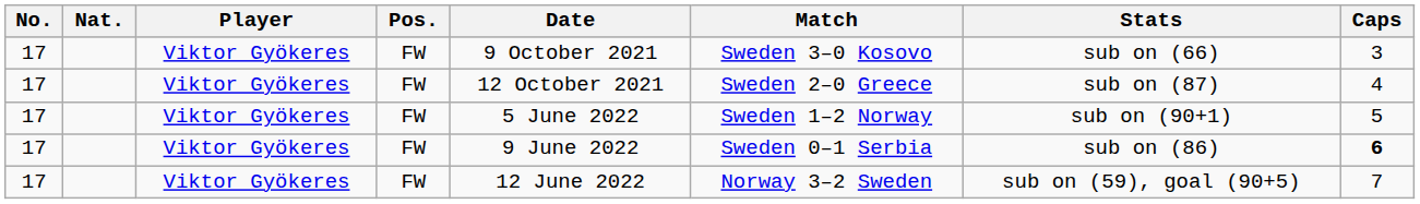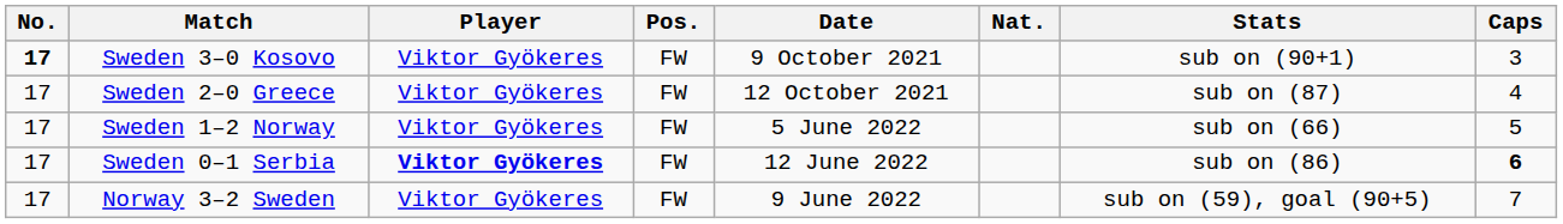 <table class="wikitable sortable alternance" style="font-size:100%; text-align:center; line-height:14px; width:70%;">
 <tr>
 <th>No.</th>
-<th>Nat.</th>
+<th>Match</th>
 <th>Player</th>
 <th>Pos.</th>
 <th>Date</th>
-<th>Match</th>
+<th>Nat.</th>
 <th>Stats</th>
 <th>Caps</th>
 </tr>
 <tr>
-<td>17</td>
-<td></td>
+<td><strong>17</strong></td>
+<td><a href='#'>Sweden</a> 3–0 <a href='#'>Kosovo</a></td>
 <td><a href='#'>Viktor Gyökeres</a></td>
 <td>FW</td>
 <td>9 October 2021</td>
-<td><a href='#'>Sweden</a> 3–0 <a href='#'>Kosovo</a></td>
-<td>sub on (66)</td>
+<td></td>
+<td>sub on (90+1)</td>
 <td>3</td>
 </tr>
 <tr>
 <td>17</td>
-<td></td>
+<td><a href='#'>Sweden</a> 2–0 <a href='#'>Greece</a></td>
 <td><a href='#'>Viktor Gyökeres</a></td>
 <td>FW</td>
 <td>12 October 2021</td>
-<td><a href='#'>Sweden</a> 2–0 <a href='#'>Greece</a></td>
+<td></td>
 <td>sub on (87)</td>
 <td>4</td>
 </tr>
 <tr>
 <td>17</td>
-<td></td>
+<td><a href='#'>Sweden</a> 1–2 <a href='#'>Norway</a></td>
 <td><a href='#'>Viktor Gyökeres</a></td>
 <td>FW</td>
 <td>5 June 2022</td>
-<td><a href='#'>Sweden</a> 1–2 <a href='#'>Norway</a></td>
-<td>sub on (90+1)</td>
+<td></td>
+<td>sub on (66)</td>
 <td>5</td>
 </tr>
 <tr>
 <td>17</td>
+<td><a href='#'>Sweden</a> 0–1 <a href='#'>Serbia</a></td>
+<td><strong><a href='#'>Viktor Gyökeres</a></strong></td>
+<td>FW</td>
+<td>12 June 2022</td>
 <td></td>
-<td><a href='#'>Viktor Gyökeres</a></td>
-<td>FW</td>
-<td>9 June 2022</td>
-<td><a href='#'>Sweden</a> 0–1 <a href='#'>Serbia</a></td>
 <td>sub on (86)</td>
 <td><strong>6</strong></td>
 </tr>
 <tr>
 <td>17</td>
-<td></td>
+<td><a href='#'>Norway</a> 3–2 <a href='#'>Sweden</a></td>
 <td><a href='#'>Viktor Gyökeres</a></td>
 <td>FW</td>
-<td>12 June 2022</td>
-<td><a href='#'>Norway</a> 3–2 <a href='#'>Sweden</a></td>
+<td>9 June 2022</td>
+<td></td>
 <td>sub on (59), goal (90+5)</td>
 <td>7</td>
 </tr>
 </table>
